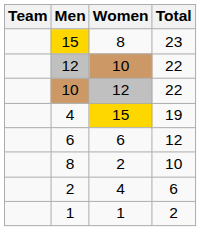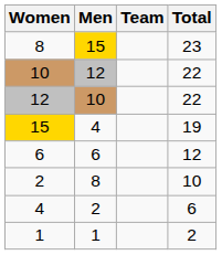 <table class=wikitable style="text-align:center">
 <tr>
+<th>Women</th>
+<th>Men</th>
 <th>Team</th>
-<th>Men</th>
-<th>Women</th>
 <th>Total</th>
 </tr>
 <tr>
+<td>8</td>
+<td bgcolor=gold>15</td>
 <td align=left></td>
-<td bgcolor=gold>15</td>
-<td>8</td>
 <td>23</td>
 </tr>
 <tr>
+<td bgcolor=#CC9966>10</td>
+<td bgcolor=silver>12</td>
 <td align=left></td>
-<td bgcolor=silver>12</td>
-<td bgcolor=#CC9966>10</td>
 <td>22</td>
 </tr>
 <tr>
+<td bgcolor=silver>12</td>
+<td bgcolor=#CC9966>10</td>
 <td align=left></td>
-<td bgcolor=#CC9966>10</td>
-<td bgcolor=silver>12</td>
 <td>22</td>
 </tr>
 <tr>
+<td bgcolor=gold>15</td>
+<td>4</td>
 <td align=left></td>
-<td>4</td>
-<td bgcolor=gold>15</td>
 <td>19</td>
 </tr>
 <tr>
-<td align=left></td>
 <td>6</td>
 <td>6</td>
+<td align=left></td>
 <td>12</td>
 </tr>
 <tr>
+<td>2</td>
+<td>8</td>
 <td align=left></td>
-<td>8</td>
-<td>2</td>
 <td>10</td>
 </tr>
 <tr>
+<td>4</td>
+<td>2</td>
 <td align=left></td>
-<td>2</td>
-<td>4</td>
 <td>6</td>
 </tr>
 <tr>
-<td align=left></td>
 <td>1</td>
 <td>1</td>
+<td align=left></td>
 <td>2</td>
 </tr>
 </table>
